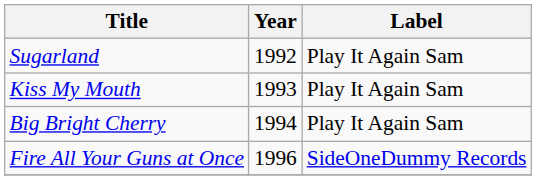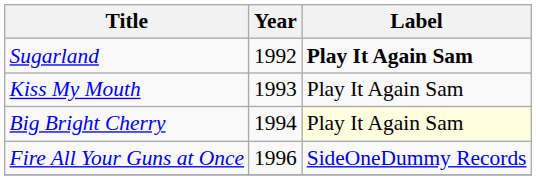 <table class="wikitable">
 <tr>
 <th>Title</th>
 <th>Year</th>
 <th>Label</th>
 </tr>
 <tr>
 <td><em><a href='#'>Sugarland</a></em></td>
 <td>1992</td>
-<td>Play It Again Sam</td>
+<td><strong>Play It Again Sam</strong></td>
 </tr>
 <tr>
 <td><em><a href='#'>Kiss My Mouth</a></em></td>
 <td>1993</td>
 <td>Play It Again Sam</td>
 </tr>
 <tr>
 <td><em><a href='#'>Big Bright Cherry</a></em></td>
 <td>1994</td>
-<td>Play It Again Sam</td>
+<td style="background: lightyellow;">Play It Again Sam</td>
 </tr>
 <tr>
 <td><em><a href='#'>Fire All Your Guns at Once</a></em></td>
 <td>1996</td>
 <td><a href='#'>SideOneDummy Records</a></td>
 </tr>
 <tr>
 </tr>
 </table>
